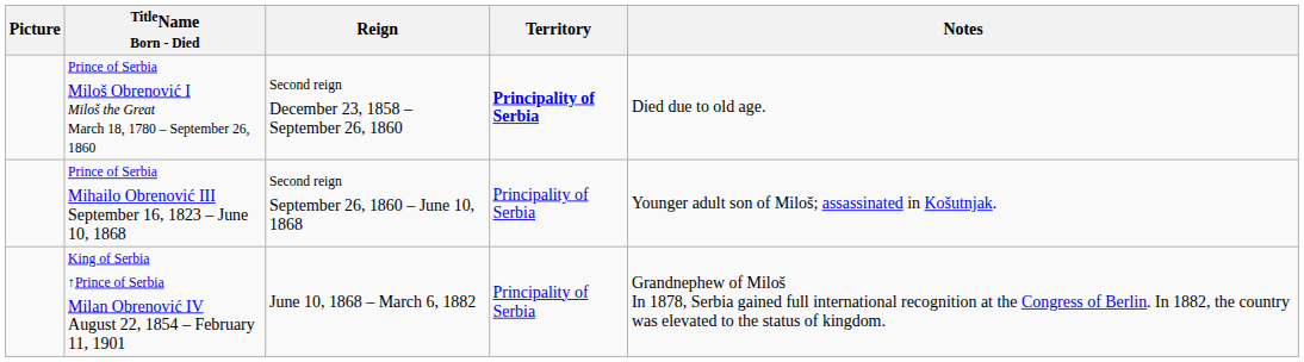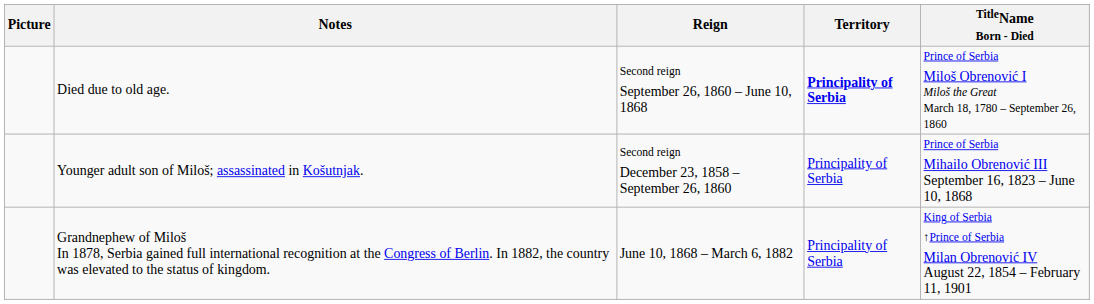 <table class="wikitable">
 <tr>
 <th>Picture</th>
-<th><sup>Title</sup>Name<br><small>Born - Died</small></th>
+<th>Notes</th>
 <th>Reign</th>
 <th>Territory</th>
-<th>Notes</th>
+<th><sup>Title</sup>Name<br><small>Born - Died</small></th>
 </tr>
 <tr ->
 <td></td>
+<td>Died due to old age.</td>
+<td><sup>Second reign</sup><br> September 26, 1860 – June 10, 1868</td>
+<td><strong><a href='#'>Principality of Serbia</a></strong></td>
 <td><sup><a href='#'>Prince of Serbia</a></sup><br> <a href='#'>Miloš Obrenović I</a><br><small><em>Miloš the Great</em> <br> March 18, 1780 – September 26, 1860</small></td>
-<td><sup>Second reign</sup><br> December 23, 1858 – September 26, 1860</td>
-<td><strong><a href='#'>Principality of Serbia</a></strong></td>
-<td>Died due to old age.</td>
 </tr>
 <tr ->
 <td></td>
+<td>Younger adult son of Miloš; <a href='#'>assassinated</a> in <a href='#'>Košutnjak</a>.</td>
+<td><sup>Second reign</sup><br> December 23, 1858 – September 26, 1860</td>
+<td><a href='#'>Principality of Serbia</a></td>
 <td><sup><a href='#'>Prince of Serbia</a></sup><br> <a href='#'>Mihailo Obrenović III</a> <br> September 16, 1823 – June 10, 1868</td>
-<td><sup>Second reign</sup><br> September 26, 1860 – June 10, 1868</td>
-<td><a href='#'>Principality of Serbia</a></td>
-<td>Younger adult son of Miloš; <a href='#'>assassinated</a> in <a href='#'>Košutnjak</a>.</td>
 </tr>
 <tr ->
 <td></td>
-<td><sup><a href='#'>King of Serbia</a><br>↑<a href='#'>Prince of Serbia</a></sup><br> <a href='#'>Milan Obrenović IV</a> <br> August 22, 1854 – February 11, 1901</td>
+<td>Grandnephew of Miloš<br>In 1878, Serbia gained full international recognition at the <a href='#'>Congress of Berlin</a>. In 1882, the country was elevated to the status of kingdom.</td>
 <td>June 10, 1868 – March 6, 1882</td>
 <td><a href='#'>Principality of Serbia</a></td>
-<td>Grandnephew of Miloš<br>In 1878, Serbia gained full international recognition at the <a href='#'>Congress of Berlin</a>. In 1882, the country was elevated to the status of kingdom.</td>
+<td><sup><a href='#'>King of Serbia</a><br>↑<a href='#'>Prince of Serbia</a></sup><br> <a href='#'>Milan Obrenović IV</a> <br> August 22, 1854 – February 11, 1901</td>
 </tr>
 </table>
